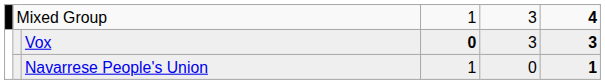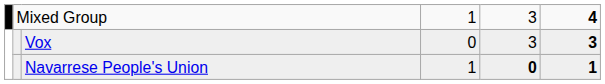 <table class="wikitable collapsible collapsed" style="text-align:right; font-size:95%; border:0px; margin-top:-1px; margin-bottom:0;">
 <tr>
 <td width="1" bgcolor="black"></td>
 <th style="text-align:left; font-weight:normal; background:#F9F9F9" colspan="2" width="385">Mixed Group</th>
 <td width="50">1</td>
 <td width="51">3</td>
 <td width="51"><strong>4</strong></td>
 </tr>
 <tr style="background:#EFEFEF;">
 <td style="background:white;" rowspan="2"></td>
 <td width="1"></td>
 <td align="left"><a href='#'>Vox</a></td>
-<td><strong>0</strong></td>
+<td>0</td>
 <td>3</td>
 <td><strong>3</strong></td>
 </tr>
 <tr style="background:#EFEFEF;">
 <td></td>
 <td align="left"><a href='#'>Navarrese People's Union</a></td>
 <td>1</td>
-<td>0</td>
+<td><strong>0</strong></td>
 <td><strong>1</strong></td>
 </tr>
 </table>
